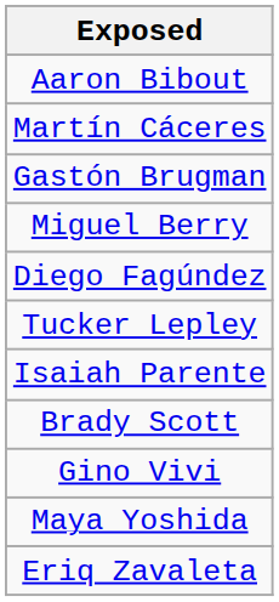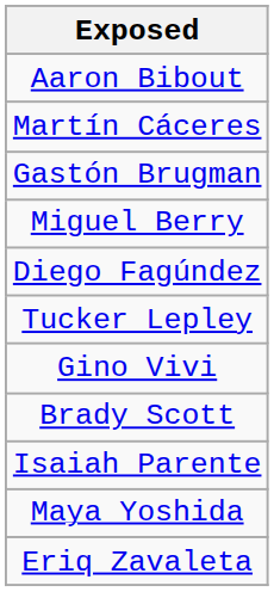 <table class="wikitable" style="text-align:center">
 <tr>
 <th>Exposed</th>
 </tr>
 <tr>
 <td><a href='#'>Aaron Bibout</a></td>
 </tr>
 <tr>
 <td><a href='#'>Martín Cáceres</a></td>
 </tr>
 <tr>
 <td><a href='#'>Gastón Brugman</a></td>
 </tr>
 <tr>
 <td><a href='#'>Miguel Berry</a></td>
 </tr>
 <tr>
 <td><a href='#'>Diego Fagúndez</a></td>
 </tr>
 <tr>
 <td><a href='#'>Tucker Lepley</a></td>
 </tr>
 <tr>
-<td><a href='#'>Isaiah Parente</a></td>
+<td><a href='#'>Gino Vivi</a></td>
 </tr>
 <tr>
 <td><a href='#'>Brady Scott</a></td>
 </tr>
 <tr>
-<td><a href='#'>Gino Vivi</a></td>
+<td><a href='#'>Isaiah Parente</a></td>
 </tr>
 <tr>
 <td><a href='#'>Maya Yoshida</a></td>
 </tr>
 <tr>
 <td><a href='#'>Eriq Zavaleta</a></td>
 </tr>
 </table>
